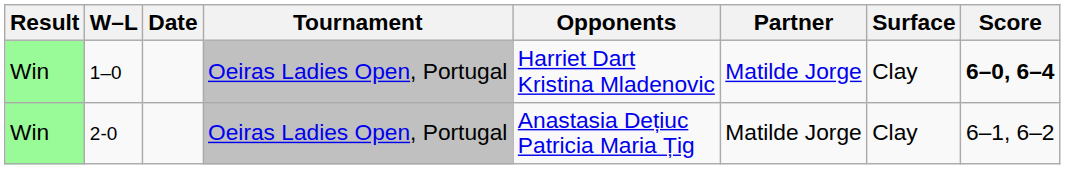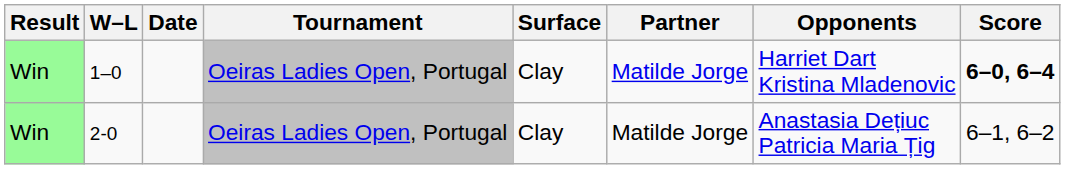 <table class="sortable wikitable">
 <tr>
 <th>Result</th>
 <th class="unsortable">W–L</th>
 <th>Date</th>
 <th>Tournament</th>
+<th>Surface</th>
+<th>Partner</th>
 <th>Opponents</th>
-<th>Partner</th>
-<th>Surface</th>
 <th class="unsortable">Score</th>
 </tr>
 <tr>
 <td style="background:#98fb98;">Win</td>
 <td><small>1–0</small></td>
 <td><a href='#'></a></td>
 <td style="background:silver;"><a href='#'>Oeiras Ladies Open</a>, Portugal</td>
+<td>Clay</td>
+<td> <a href='#'>Matilde Jorge</a></td>
 <td> <a href='#'>Harriet Dart</a> <br>  <a href='#'>Kristina Mladenovic</a></td>
-<td> <a href='#'>Matilde Jorge</a></td>
-<td>Clay</td>
 <td><strong>6–0, 6–4</strong></td>
 </tr>
 <tr>
 <td style="background:#98fb98;">Win</td>
 <td><small>2-0</small></td>
 <td><a href='#'></a></td>
 <td style="background:silver;"><a href='#'>Oeiras Ladies Open</a>, Portugal</td>
+<td>Clay</td>
+<td> Matilde Jorge</td>
 <td> <a href='#'>Anastasia Dețiuc</a> <br>  <a href='#'>Patricia Maria Țig</a></td>
-<td> Matilde Jorge</td>
-<td>Clay</td>
 <td>6–1, 6–2</td>
 </tr>
 </table>
